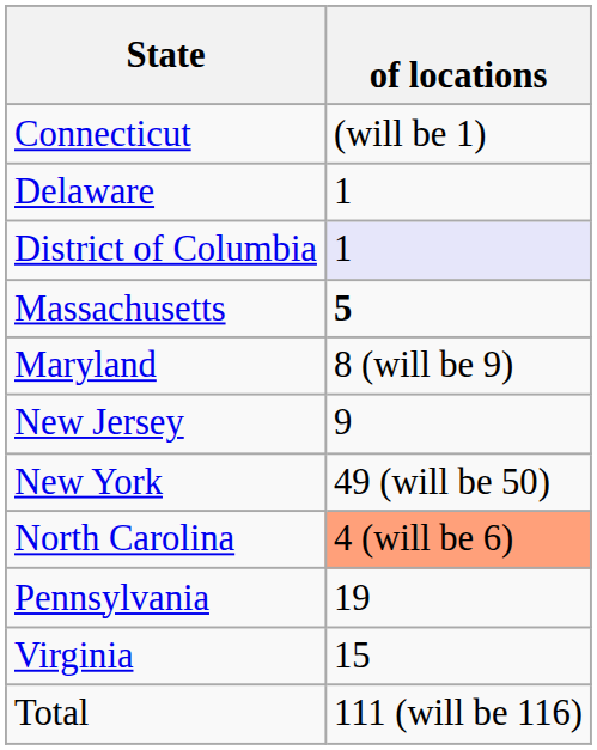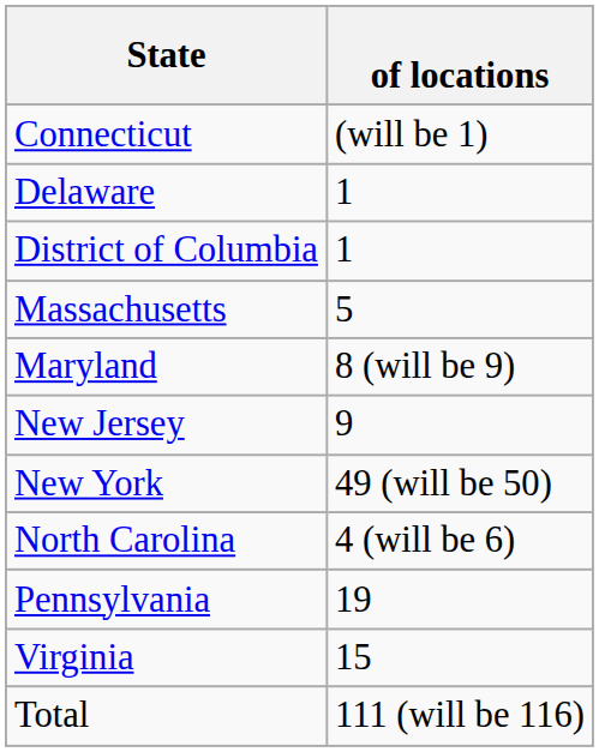 <table class="wikitable sortable">
 <tr>
 <th>State</th>
 <th><br>of locations</th>
 </tr>
 <tr>
 <td><a href='#'>Connecticut</a></td>
 <td>(will be 1)</td>
 </tr>
 <tr>
 <td><a href='#'>Delaware</a></td>
 <td>1</td>
 </tr>
 <tr>
 <td><a href='#'>District of Columbia</a></td>
-<td style="background: lavender;">1</td>
+<td>1</td>
 </tr>
 <tr>
 <td><a href='#'>Massachusetts</a></td>
-<td><strong>5</strong></td>
+<td>5</td>
 </tr>
 <tr>
 <td><a href='#'>Maryland</a></td>
 <td>8 (will be 9)</td>
 </tr>
 <tr>
 <td><a href='#'>New Jersey</a></td>
 <td>9</td>
 </tr>
 <tr>
 <td><a href='#'>New York</a></td>
 <td>49 (will be 50)</td>
 </tr>
 <tr>
 <td><a href='#'>North Carolina</a></td>
-<td style="background: lightsalmon;">4 (will be 6)</td>
+<td>4 (will be 6)</td>
 </tr>
 <tr>
 <td><a href='#'>Pennsylvania</a></td>
 <td>19</td>
 </tr>
 <tr>
 <td><a href='#'>Virginia</a></td>
 <td>15</td>
 </tr>
 <tr>
 <td>Total</td>
 <td>111 (will be 116)</td>
 </tr>
 </table>
